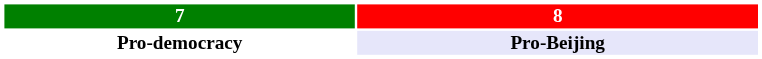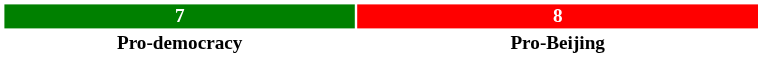 <table style="width:50%; text-align:center;">
 <tr style="color:white;">
 <td style="background:green; width:46.67%;"><strong>7</strong></td>
 <td style="background:red; width:53.33%;"><strong>8</strong></td>
 </tr>
 <tr>
 <td><span><strong>Pro-democracy</strong></span></td>
-<td style="background: lavender;"><span><strong>Pro-Beijing</strong></span></td>
+<td><span><strong>Pro-Beijing</strong></span></td>
 </tr>
 </table>
